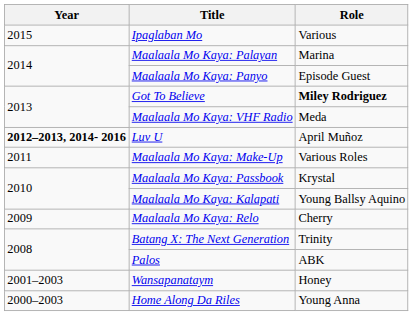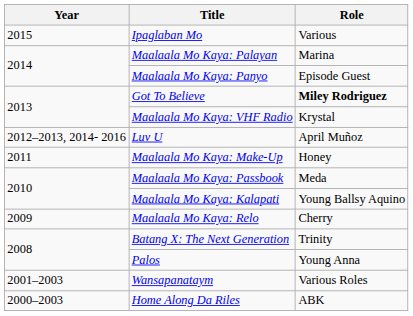 <table class="wikitable sortable" style="font-size: 90%;">
 <tr>
 <th>Year</th>
 <th>Title</th>
 <th>Role</th>
 </tr>
 <tr>
 <td>2015</td>
 <td><em><a href='#'>Ipaglaban Mo</a></em></td>
 <td>Various</td>
 </tr>
 <tr>
 <td rowspan=2>2014</td>
 <td><em><a href='#'> Maalaala Mo Kaya: Palayan</a></em></td>
 <td>Marina</td>
 </tr>
 <tr>
 <td><em><a href='#'> Maalaala Mo Kaya: Panyo</a></em></td>
 <td>Episode Guest</td>
 </tr>
 <tr>
 <td rowspan=2>2013</td>
 <td><em><a href='#'>Got To Believe</a></em></td>
 <td><strong>Miley Rodriguez</strong></td>
 </tr>
 <tr>
 <td><em><a href='#'> Maalaala Mo Kaya: VHF Radio</a></em></td>
-<td>Meda</td>
+<td>Krystal</td>
 </tr>
 <tr>
-<td><strong>2012–2013, 2014- 2016</strong></td>
+<td>2012–2013, 2014- 2016</td>
 <td><em><a href='#'>Luv U</a></em></td>
 <td>April Muñoz</td>
 </tr>
 <tr>
 <td>2011</td>
 <td><em><a href='#'> Maalaala Mo Kaya: Make-Up</a></em></td>
-<td>Various Roles</td>
+<td>Honey</td>
 </tr>
 <tr>
 <td rowspan=2>2010</td>
 <td><em><a href='#'> Maalaala Mo Kaya: Passbook</a></em></td>
-<td>Krystal</td>
+<td>Meda</td>
 </tr>
 <tr>
 <td><em><a href='#'> Maalaala Mo Kaya: Kalapati</a></em></td>
 <td>Young Ballsy Aquino</td>
 </tr>
 <tr>
 <td>2009</td>
 <td><em><a href='#'> Maalaala Mo Kaya: Relo</a></em></td>
 <td>Cherry</td>
 </tr>
 <tr>
 <td rowspan=2>2008</td>
 <td><em><a href='#'>Batang X: The Next Generation</a></em></td>
 <td>Trinity</td>
 </tr>
 <tr>
 <td><em><a href='#'>Palos</a></em></td>
-<td>ABK</td>
+<td>Young Anna</td>
 </tr>
 <tr>
 <td>2001–2003</td>
 <td><em><a href='#'>Wansapanataym</a></em></td>
-<td>Honey</td>
+<td>Various Roles</td>
 </tr>
 <tr>
 <td>2000–2003</td>
 <td><em><a href='#'>Home Along Da Riles</a></em></td>
-<td>Young Anna</td>
+<td>ABK</td>
 </tr>
 </table>
